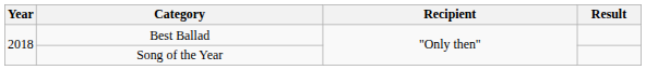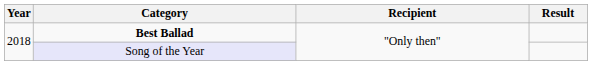 <table class="wikitable" style="text-align:center">
 <tr>
 <th width="5%">Year</th>
 <th width="45%">Category</th>
 <th width="40%">Recipient</th>
 <th width="10%">Result</th>
 </tr>
 <tr>
 <td rowspan="2">2018</td>
-<td>Best Ballad</td>
+<td><strong>Best Ballad</strong></td>
 <td rowspan="2">"Only then"</td>
 <td></td>
 </tr>
 <tr>
-<td>Song of the Year</td>
+<td style="background: lavender;">Song of the Year</td>
 <td></td>
 </tr>
 </table>
